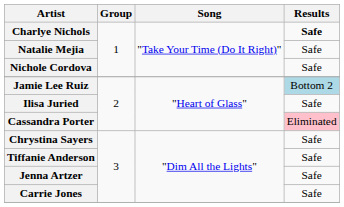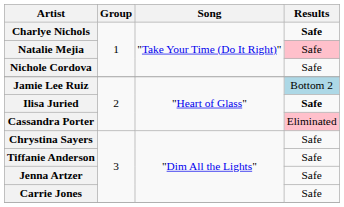 <table class="wikitable plainrowheaders" style="text-align:center;">
 <tr>
 <th scope="col">Artist</th>
 <th scope="col">Group</th>
 <th scope="col">Song</th>
 <th scope="col">Results</th>
 </tr>
 <tr>
 <th scope="row">Charlye Nichols</th>
 <td rowspan="3">1</td>
 <td rowspan="3">"<a href='#'>Take Your Time (Do It Right)</a>"</td>
 <td><strong>Safe</strong></td>
 </tr>
 <tr>
 <th scope="row">Natalie Mejia</th>
-<td>Safe</td>
+<td style="background: pink;">Safe</td>
 </tr>
 <tr>
 <th scope="row">Nichole Cordova</th>
 <td>Safe</td>
 </tr>
 <tr>
 </tr>
 <tr>
 <th scope="row">Jamie Lee Ruiz</th>
 <td rowspan="3">2</td>
 <td rowspan="3">"<a href='#'>Heart of Glass</a>"</td>
 <td style="background:lightblue;">Bottom 2</td>
 </tr>
 <tr>
 <th scope="row">Ilisa Juried</th>
-<td>Safe</td>
+<td><strong>Safe</strong></td>
 </tr>
 <tr>
 <th scope="row">Cassandra Porter</th>
 <td style="background:pink;">Eliminated</td>
 </tr>
 <tr>
 <th scope="row">Chrystina Sayers</th>
 <td rowspan="4">3</td>
 <td rowspan="4">"<a href='#'>Dim All the Lights</a>"</td>
 <td>Safe</td>
 </tr>
 <tr>
 <th scope="row">Tiffanie Anderson</th>
 <td>Safe</td>
 </tr>
 <tr>
 <th scope="row">Jenna Artzer</th>
 <td>Safe</td>
 </tr>
 <tr>
 <th scope="row">Carrie Jones</th>
 <td>Safe</td>
 </tr>
 <tr>
 </tr>
 </table>
